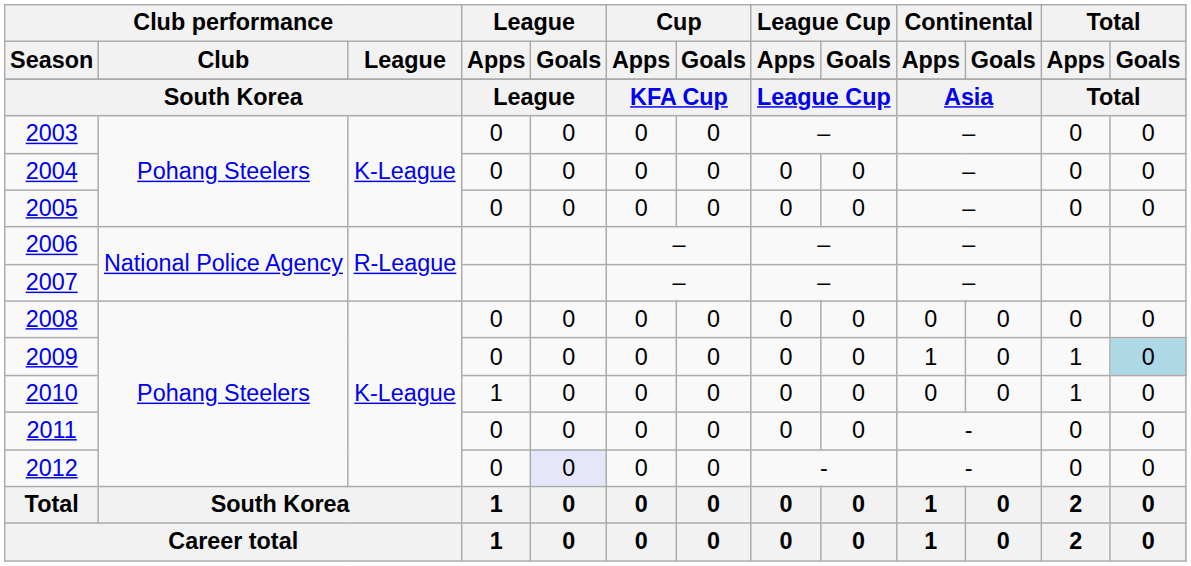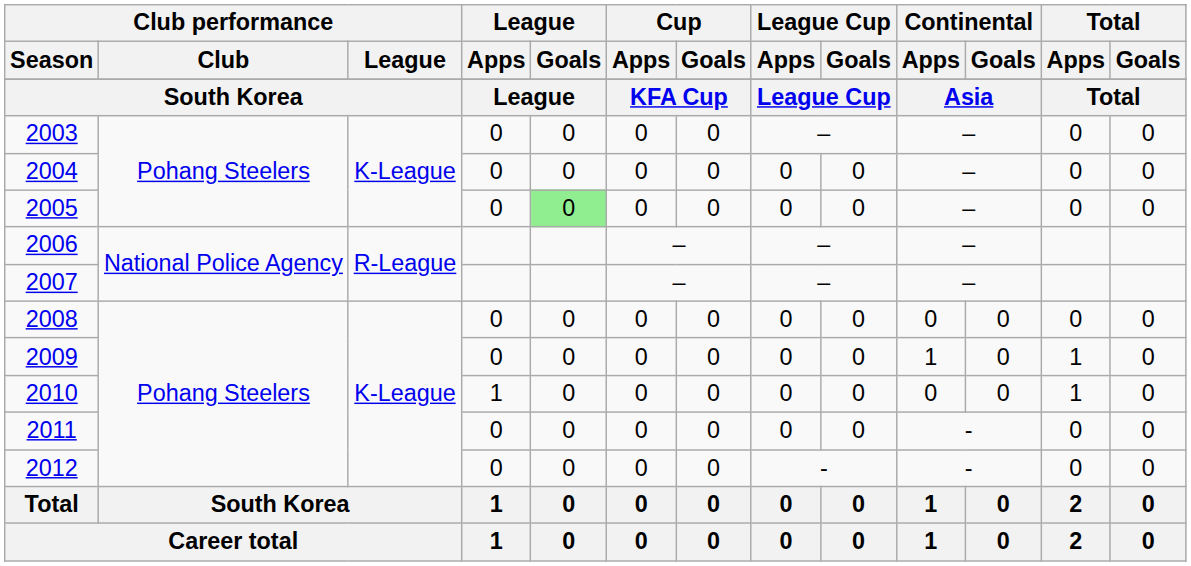 <table class="wikitable" style="text-align:center">
 <tr>
 <th colspan=3>Club performance</th>
 <th colspan=2>League</th>
 <th colspan=2>Cup</th>
 <th colspan=2>League Cup</th>
 <th colspan=2>Continental</th>
 <th colspan=2>Total</th>
 </tr>
 <tr>
 <th>Season</th>
 <th>Club</th>
 <th>League</th>
 <th>Apps</th>
 <th>Goals</th>
 <th>Apps</th>
 <th>Goals</th>
 <th>Apps</th>
 <th>Goals</th>
 <th>Apps</th>
 <th>Goals</th>
 <th>Apps</th>
 <th>Goals</th>
 </tr>
 <tr>
 </tr>
 <tr>
 <th colspan=3>South Korea</th>
 <th colspan=2>League</th>
 <th colspan=2><a href='#'>KFA Cup</a></th>
 <th colspan=2><a href='#'>League Cup</a></th>
 <th colspan=2><a href='#'>Asia</a></th>
 <th colspan=2>Total</th>
 </tr>
 <tr>
 <td><a href='#'>2003</a></td>
 <td rowspan="3"><a href='#'>Pohang Steelers</a></td>
 <td rowspan="3"><a href='#'>K-League</a></td>
 <td>0</td>
 <td>0</td>
 <td>0</td>
 <td>0</td>
 <td colspan=2>–</td>
 <td colspan=2>–</td>
 <td>0</td>
 <td>0</td>
 </tr>
 <tr>
 <td><a href='#'>2004</a></td>
 <td>0</td>
 <td>0</td>
 <td>0</td>
 <td>0</td>
 <td>0</td>
 <td>0</td>
 <td colspan=2>–</td>
 <td>0</td>
 <td>0</td>
 </tr>
 <tr>
 <td><a href='#'>2005</a></td>
 <td>0</td>
-<td>0</td>
+<td style="background: lightgreen;">0</td>
 <td>0</td>
 <td>0</td>
 <td>0</td>
 <td>0</td>
 <td colspan=2>–</td>
 <td>0</td>
 <td>0</td>
 </tr>
 <tr>
 <td><a href='#'>2006</a></td>
 <td rowspan="2"><a href='#'>National Police Agency</a></td>
 <td rowspan="2"><a href='#'>R-League</a></td>
 <td></td>
 <td></td>
 <td colspan=2>–</td>
 <td colspan=2>–</td>
 <td colspan=2>–</td>
 <td></td>
 <td></td>
 </tr>
 <tr>
 <td><a href='#'>2007</a></td>
 <td></td>
 <td></td>
 <td colspan=2>–</td>
 <td colspan=2>–</td>
 <td colspan=2>–</td>
 <td></td>
 <td></td>
 </tr>
 <tr>
 <td><a href='#'>2008</a></td>
 <td rowspan="5"><a href='#'>Pohang Steelers</a></td>
 <td rowspan="5"><a href='#'>K-League</a></td>
 <td>0</td>
 <td>0</td>
 <td>0</td>
 <td>0</td>
 <td>0</td>
 <td>0</td>
 <td>0</td>
 <td>0</td>
 <td>0</td>
 <td>0</td>
 </tr>
 <tr>
 <td><a href='#'>2009</a></td>
 <td>0</td>
 <td>0</td>
 <td>0</td>
 <td>0</td>
 <td>0</td>
 <td>0</td>
 <td>1</td>
 <td>0</td>
 <td>1</td>
-<td style="background: lightblue;">0</td>
+<td>0</td>
 </tr>
 <tr>
 <td><a href='#'>2010</a></td>
 <td>1</td>
 <td>0</td>
 <td>0</td>
 <td>0</td>
 <td>0</td>
 <td>0</td>
 <td>0</td>
 <td>0</td>
 <td>1</td>
 <td>0</td>
 </tr>
 <tr>
 <td><a href='#'>2011</a></td>
 <td>0</td>
 <td>0</td>
 <td>0</td>
 <td>0</td>
 <td>0</td>
 <td>0</td>
 <td colspan=2>-</td>
 <td>0</td>
 <td>0</td>
 </tr>
 <tr>
 <td><a href='#'>2012</a></td>
 <td>0</td>
-<td style="background: lavender;">0</td>
+<td>0</td>
 <td>0</td>
 <td>0</td>
 <td colspan=2>-</td>
 <td colspan=2>-</td>
 <td>0</td>
 <td>0</td>
 </tr>
 <tr>
 <th rowspan=1>Total</th>
 <th colspan=2>South Korea</th>
 <th>1</th>
 <th>0</th>
 <th>0</th>
 <th>0</th>
 <th>0</th>
 <th>0</th>
 <th>1</th>
 <th>0</th>
 <th>2</th>
 <th>0</th>
 </tr>
 <tr>
 <th colspan=3>Career total</th>
 <th>1</th>
 <th>0</th>
 <th>0</th>
 <th>0</th>
 <th>0</th>
 <th>0</th>
 <th>1</th>
 <th>0</th>
 <th>2</th>
 <th>0</th>
 </tr>
 </table>
